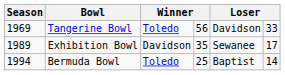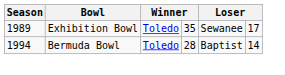 <table class="wikitable"; style= "text-align: ">
 <tr>
 <th width=px>Season</th>
 <th width=px>Bowl</th>
 <th colspan=2>Winner</th>
 <th colspan=2>Loser</th>
 </tr>
 <tr>
-<td>1969</td>
-<td><a href='#'>Tangerine Bowl</a></td>
-<td><a href='#'>Toledo</a></td>
-<td>56</td>
-<td>Davidson</td>
-<td>33</td>
-</tr>
-<tr>
 <td>1989</td>
 <td>Exhibition Bowl</td>
-<td>Davidson</td>
+<td><a href='#'>Toledo</a></td>
 <td>35</td>
 <td>Sewanee</td>
 <td>17</td>
 </tr>
 <tr>
 <td>1994</td>
 <td>Bermuda Bowl</td>
 <td><a href='#'>Toledo</a></td>
-<td>25</td>
+<td>28</td>
 <td>Baptist</td>
 <td>14</td>
 </tr>
 </table>
